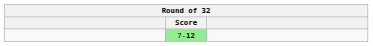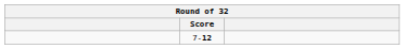 <table class="wikitable" style="text-align: center; font-size:90% ">
 <tr>
 <th colspan=3>Round of 32</th>
 </tr>
 <tr>
 <th align="right" width="250"></th>
 <th width="60">Score</th>
 <th align="left" width="250"></th>
 </tr>
 <tr>
 <td align=left></td>
-<td align=center style="background: lightgreen;">7-<strong>12</strong></td>
+<td align=center>7-<strong>12</strong></td>
 <td align=left><strong></strong></td>
 </tr>
 </table>
